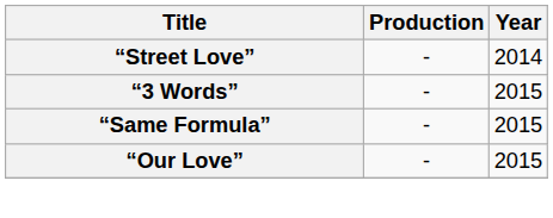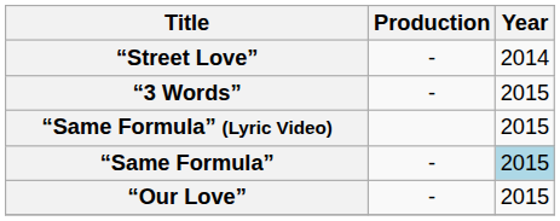 <table class="wikitable plainrowheaders" style="text-align:center;">
 <tr>
 <th scope="col" style="width:16em;">Title</th>
 <th scope="col">Production</th>
 <th scope="col”">Year</th>
 </tr>
 <tr>
 <th>“Street Love”</th>
 <td>-</td>
 <td>2014</td>
 </tr>
 <tr>
 <th>“3 Words”</th>
 <td>-</td>
 <td>2015</td>
 </tr>
 <tr>
+<th>“Same Formula” <small>(Lyric Video) </small></th>
+<td></td>
+<td>2015</td>
+</tr>
+<tr>
 <th>“Same Formula”</th>
 <td>-</td>
-<td>2015</td>
+<td style="background: lightblue;">2015</td>
 </tr>
 <tr>
 <th>“Our Love”</th>
 <td>-</td>
 <td>2015</td>
 </tr>
 <tr>
 </tr>
 </table>
